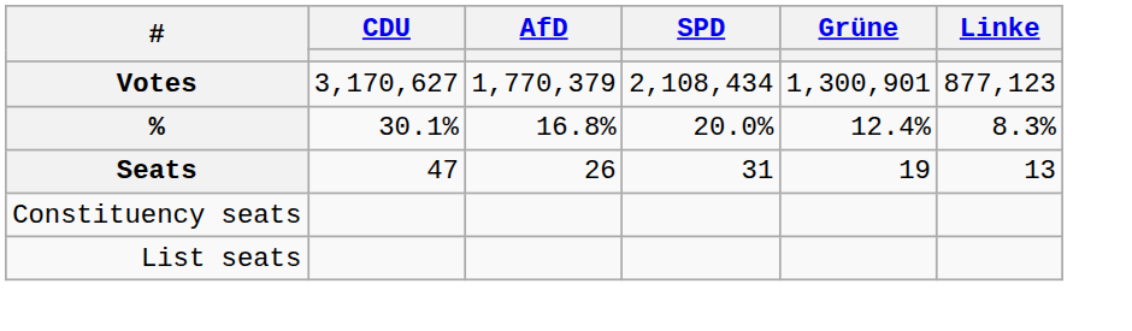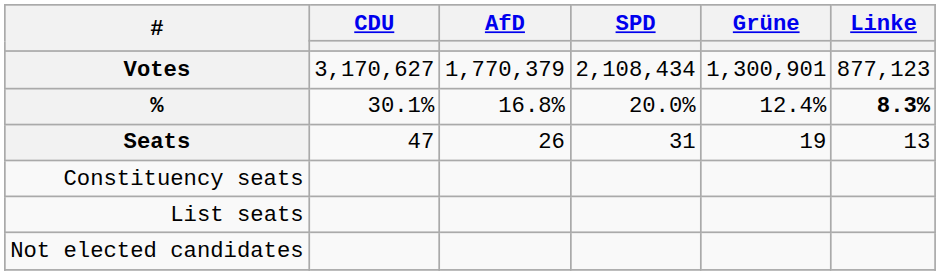 <table class="wikitable" style="text-align:right;vertical-align:top">
 <tr>
 <th rowspan="2">#</th>
 <th class="wikitable sortable"><a href='#'>CDU</a></th>
 <th class="wikitable sortable"><a href='#'>AfD</a></th>
 <th class="wikitable sortable"><a href='#'>SPD</a></th>
 <th class="wikitable sortable"><a href='#'>Grüne</a></th>
 <th class="wikitable sortable"><a href='#'>Linke</a></th>
 </tr>
 <tr>
 <th class="wikitable sortable" style="background:"></th>
 <th class="wikitable sortable" style="background:"></th>
 <th class="wikitable sortable" style="background:"></th>
 <th class="wikitable sortable" style="background:"></th>
 <th class="wikitable sortable" style="background:"></th>
 </tr>
 <tr>
 <th>Votes</th>
 <td>3,170,627</td>
 <td>1,770,379</td>
 <td>2,108,434</td>
 <td>1,300,901</td>
 <td>877,123</td>
 </tr>
 <tr>
 <th>%</th>
 <td>30.1%</td>
 <td>16.8%</td>
 <td>20.0%</td>
 <td>12.4%</td>
-<td>8.3%</td>
+<td><strong>8.3%</strong></td>
 </tr>
 <tr>
 <th>Seats</th>
 <td>47</td>
 <td>26</td>
 <td>31</td>
 <td>19</td>
 <td>13</td>
 </tr>
 <tr style="vertical-align:top">
 <td>Constituency seats</td>
 <td></td>
 <td></td>
 <td></td>
 <td></td>
 <td></td>
 </tr>
 <tr style="vertical-align:top">
 <td>List seats</td>
 <td>  </td>
 <td></td>
 <td>    </td>
 <td>   </td>
 <td></td>
 </tr>
+<tr style="vertical-align:top">
+<td>Not elected candidates</td>
+<td><div><br>           </div></td>
+<td><div><br> </div></td>
+<td><div><br>          </div></td>
+<td><div><br> </div></td>
+<td><div><br> </div></td>
+</tr>
 </table>
